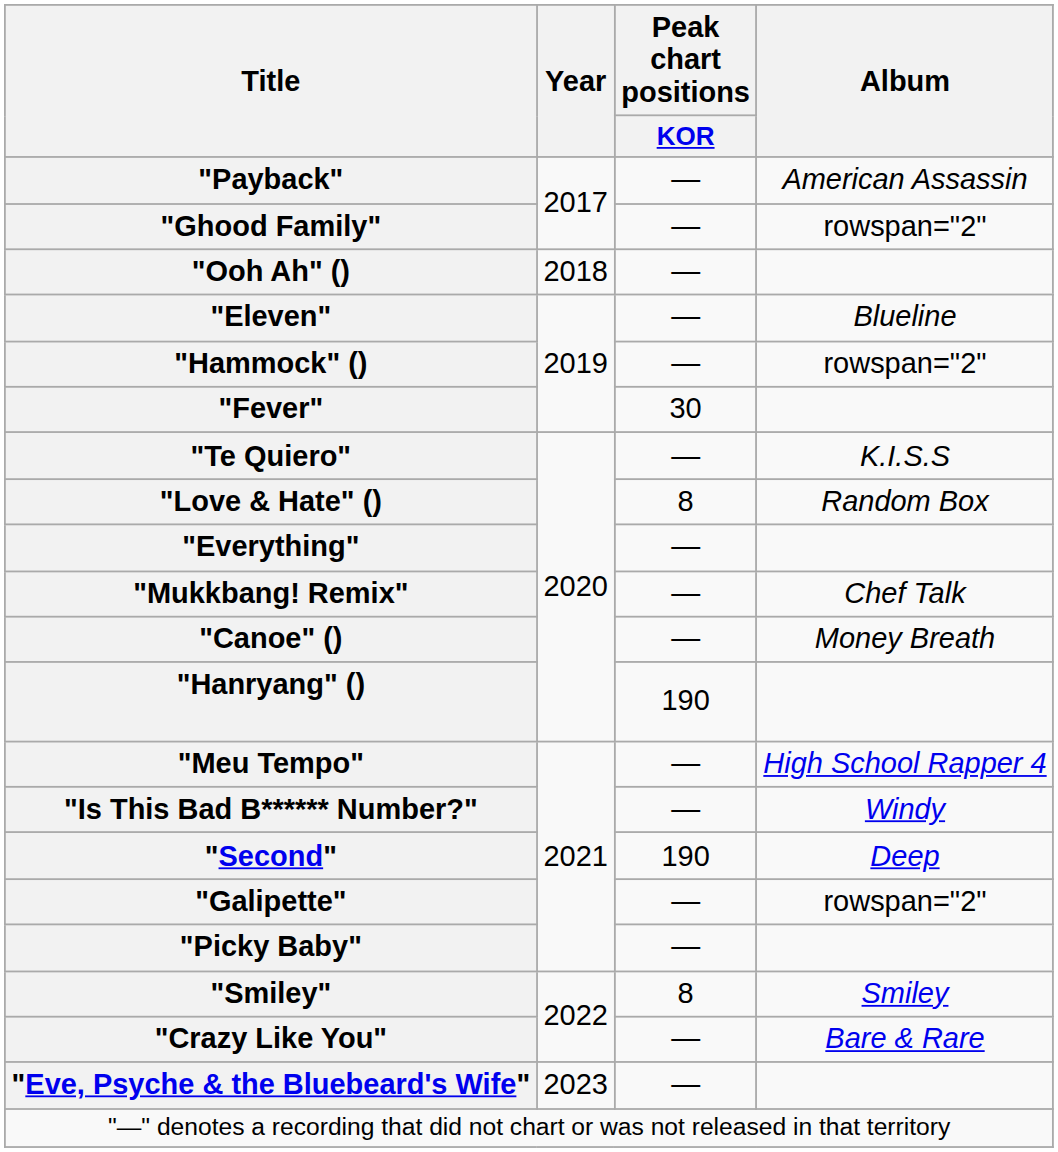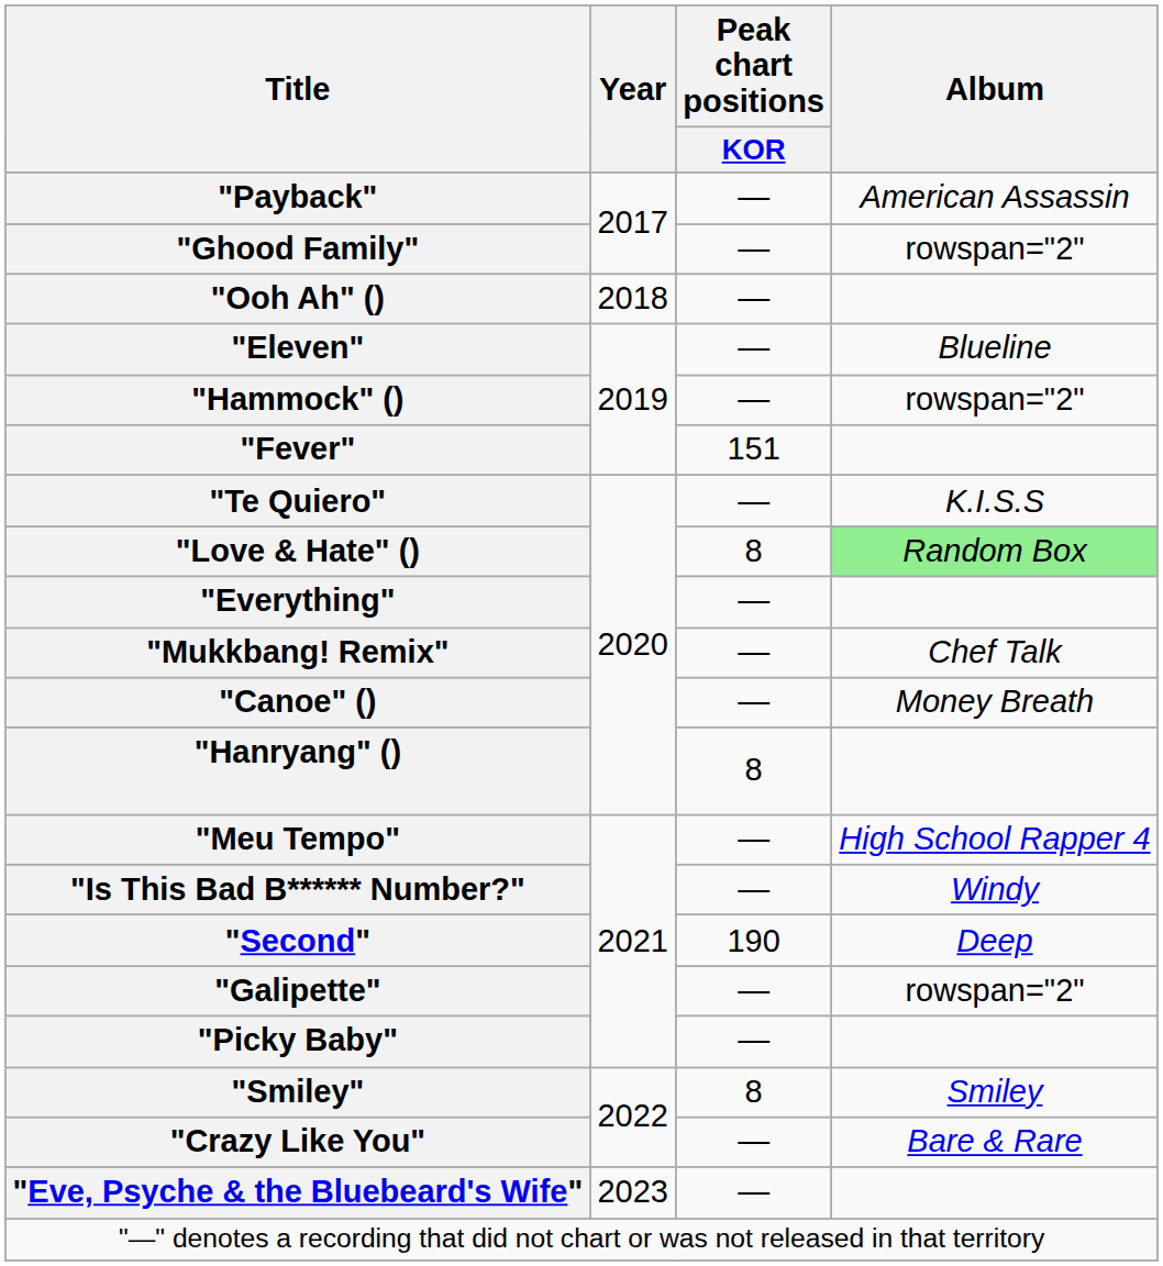 <table class="wikitable plainrowheaders" style="text-align:center">
 <tr>
 <th scope="col" rowspan="2">Title</th>
 <th scope="col" rowspan="2">Year</th>
 <th scope="col">Peak chart<br>positions</th>
 <th scope="col" rowspan="2">Album</th>
 </tr>
 <tr>
 <th scope="col" style="font-size:90%; width:3em"><a href='#'>KOR</a><br></th>
 </tr>
 <tr>
 <th scope="row">"Payback"<br></th>
 <td rowspan="2">2017</td>
 <td>—</td>
 <td><em>American Assassin</em></td>
 </tr>
 <tr>
 <th scope="row">"Ghood Family"<br></th>
 <td>—</td>
 <td>rowspan="2" </td>
 </tr>
 <tr>
 <th scope="row">"Ooh Ah" ()<br></th>
 <td>2018</td>
 <td>—</td>
 </tr>
 <tr>
 <th scope="row">"Eleven"<br></th>
 <td rowspan="3">2019</td>
 <td>—</td>
 <td><em>Blueline</em></td>
 </tr>
 <tr>
 <th scope="row">"Hammock" ()<br></th>
 <td>—</td>
 <td>rowspan="2" </td>
 </tr>
 <tr>
 <th scope="row">"Fever"<br></th>
-<td>30</td>
+<td>151</td>
 </tr>
 <tr>
 <th scope="row">"Te Quiero"<br></th>
 <td rowspan="6">2020</td>
 <td>—</td>
 <td><em>K.I.S.S</em></td>
 </tr>
 <tr>
 <th scope="row">"Love & Hate" ()<br></th>
 <td>8</td>
-<td><em>Random Box</em></td>
+<td style="background: lightgreen;"><em>Random Box</em></td>
 </tr>
 <tr>
 <th scope="row">"Everything"<br></th>
 <td>—</td>
 <td></td>
 </tr>
 <tr>
 <th scope="row">"Mukkbang! Remix"<br></th>
 <td>—</td>
 <td><em>Chef Talk</em></td>
 </tr>
 <tr>
 <th scope="row">"Canoe" ()<br></th>
 <td>—</td>
 <td><em>Money Breath</em></td>
 </tr>
 <tr>
 <th scope="row">"Hanryang" ()<br><br></th>
-<td>190</td>
+<td>8</td>
 <td></td>
 </tr>
 <tr>
 <th scope="row">"Meu Tempo"<br></th>
 <td rowspan="5">2021</td>
 <td>—</td>
 <td><em><a href='#'>High School Rapper 4</a></em></td>
 </tr>
 <tr>
 <th scope="row">"Is This Bad B****** Number?"<br></th>
 <td>—</td>
 <td><em><a href='#'>Windy</a></em></td>
 </tr>
 <tr>
 <th scope="row">"<a href='#'>Second</a>"<br></th>
 <td>190</td>
 <td><em><a href='#'>Deep</a></em></td>
 </tr>
 <tr>
 <th scope="row">"Galipette"<br></th>
 <td>—</td>
 <td>rowspan="2" </td>
 </tr>
 <tr>
 <th scope="row">"Picky Baby"<br></th>
 <td>—</td>
 </tr>
 <tr>
 <th scope="row">"Smiley"<br></th>
 <td rowspan="2">2022</td>
 <td>8</td>
 <td><em><a href='#'>Smiley</a></em></td>
 </tr>
 <tr>
 <th scope="row">"Crazy Like You"<br></th>
 <td>—</td>
 <td><em><a href='#'>Bare & Rare</a></em></td>
 </tr>
 <tr>
 <th scope="row">"<a href='#'>Eve, Psyche & the Bluebeard's Wife</a>"<br></th>
 <td>2023</td>
 <td>—</td>
 <td></td>
 </tr>
 <tr>
 <td colspan="4" style="font-size:85%">"—" denotes a recording that did not chart or was not released in that territory</td>
 </tr>
 </table>
